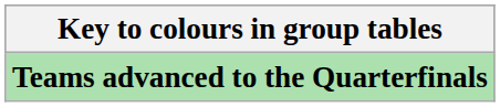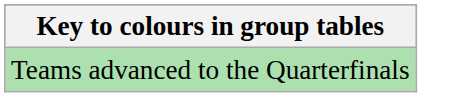 <table class="wikitable">
 <tr>
 <th>Key to colours in group tables</th>
 </tr>
 <tr bgcolor=#ACE1AF>
-<td><strong>Teams advanced to the Quarterfinals</strong></td>
+<td>Teams advanced to the Quarterfinals</td>
 </tr>
 </table>
